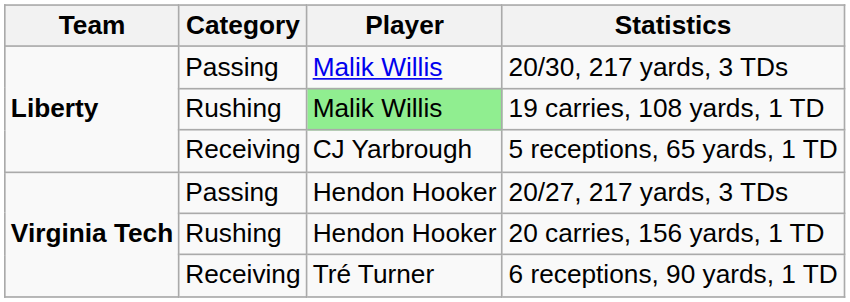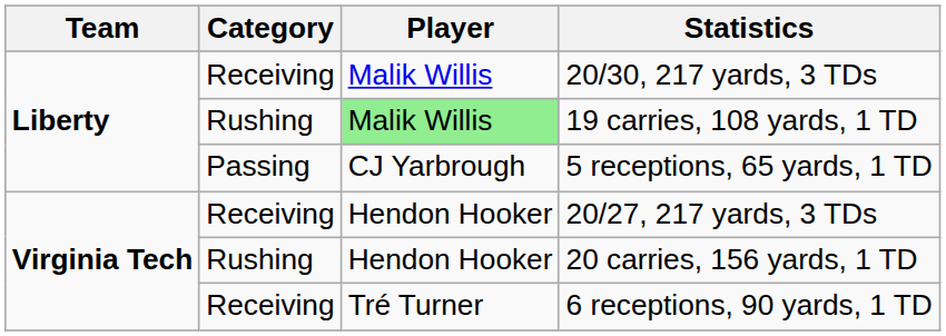 <table class="wikitable" style="float: left;">
 <tr>
 <th>Team</th>
 <th>Category</th>
 <th>Player</th>
 <th>Statistics</th>
 </tr>
 <tr>
 <td rowspan=3><strong>Liberty</strong></td>
-<td>Passing</td>
+<td>Receiving</td>
 <td><a href='#'>Malik Willis</a></td>
 <td>20/30, 217 yards, 3 TDs</td>
 </tr>
 <tr>
 <td>Rushing</td>
 <td style="background: lightgreen;">Malik Willis</td>
 <td>19 carries, 108 yards, 1 TD</td>
 </tr>
 <tr>
-<td>Receiving</td>
+<td>Passing</td>
 <td>CJ Yarbrough</td>
 <td>5 receptions, 65 yards, 1 TD</td>
 </tr>
 <tr>
 <td rowspan=3><strong>Virginia Tech</strong></td>
-<td>Passing</td>
+<td>Receiving</td>
 <td>Hendon Hooker</td>
 <td>20/27, 217 yards, 3 TDs</td>
 </tr>
 <tr>
 <td>Rushing</td>
 <td>Hendon Hooker</td>
 <td>20 carries, 156 yards, 1 TD</td>
 </tr>
 <tr>
 <td>Receiving</td>
 <td>Tré Turner</td>
 <td>6 receptions, 90 yards, 1 TD</td>
 </tr>
 </table>
